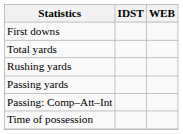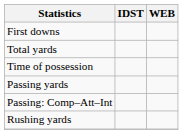 <table class="wikitable" style="float: left;">
 <tr>
 <th>Statistics</th>
 <th>IDST</th>
 <th>WEB</th>
 </tr>
 <tr>
 <td>First downs</td>
 <td></td>
 <td></td>
 </tr>
 <tr>
 <td>Total yards</td>
 <td></td>
 <td></td>
 </tr>
 <tr>
-<td>Rushing yards</td>
+<td>Time of possession</td>
 <td></td>
 <td></td>
 </tr>
 <tr>
 <td>Passing yards</td>
 <td></td>
 <td></td>
 </tr>
 <tr>
 <td>Passing: Comp–Att–Int</td>
 <td></td>
 <td></td>
 </tr>
 <tr>
-<td>Time of possession</td>
+<td>Rushing yards</td>
 <td></td>
 <td></td>
 </tr>
 <tr>
 </tr>
 </table>
